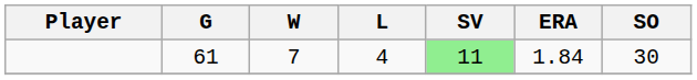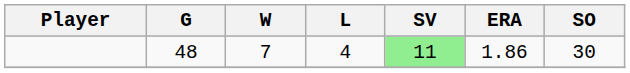 <table class="wikitable sortable">
 <tr>
 <th bgcolor="#DDDDFF" width="16%">Player</th>
 <th bgcolor="#DDDDFF" width="9%">G</th>
 <th bgcolor="#DDDDFF" width="9%">W</th>
 <th bgcolor="#DDDDFF" width="9%">L</th>
 <th bgcolor="#DDDDFF" width="9%">SV</th>
 <th bgcolor="#DDDDFF" width="9%">ERA</th>
 <th bgcolor="#DDDDFF" width="9%">SO</th>
 </tr>
 <tr align="center">
 <td></td>
-<td>61</td>
+<td>48</td>
 <td>7</td>
 <td>4</td>
 <td style="background: lightgreen;">11</td>
-<td>1.84</td>
+<td>1.86</td>
 <td>30</td>
 </tr>
 <tr align="center">
 </tr>
 </table>
